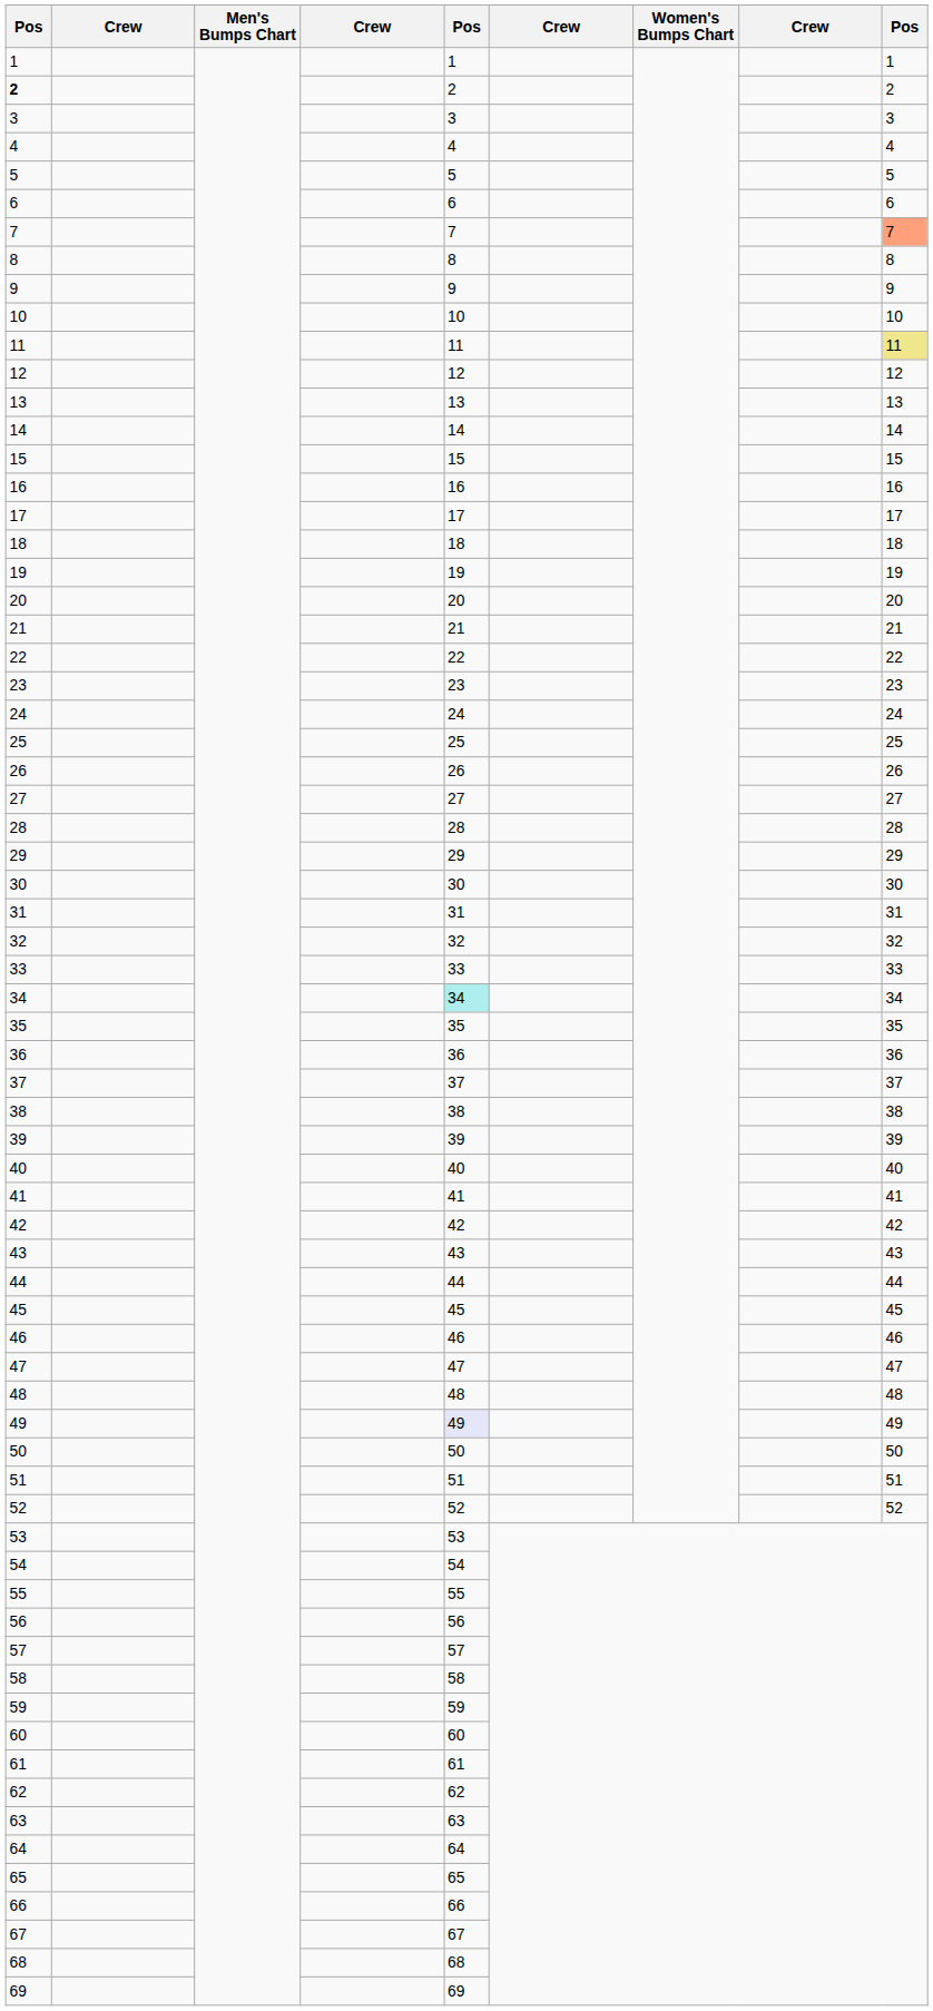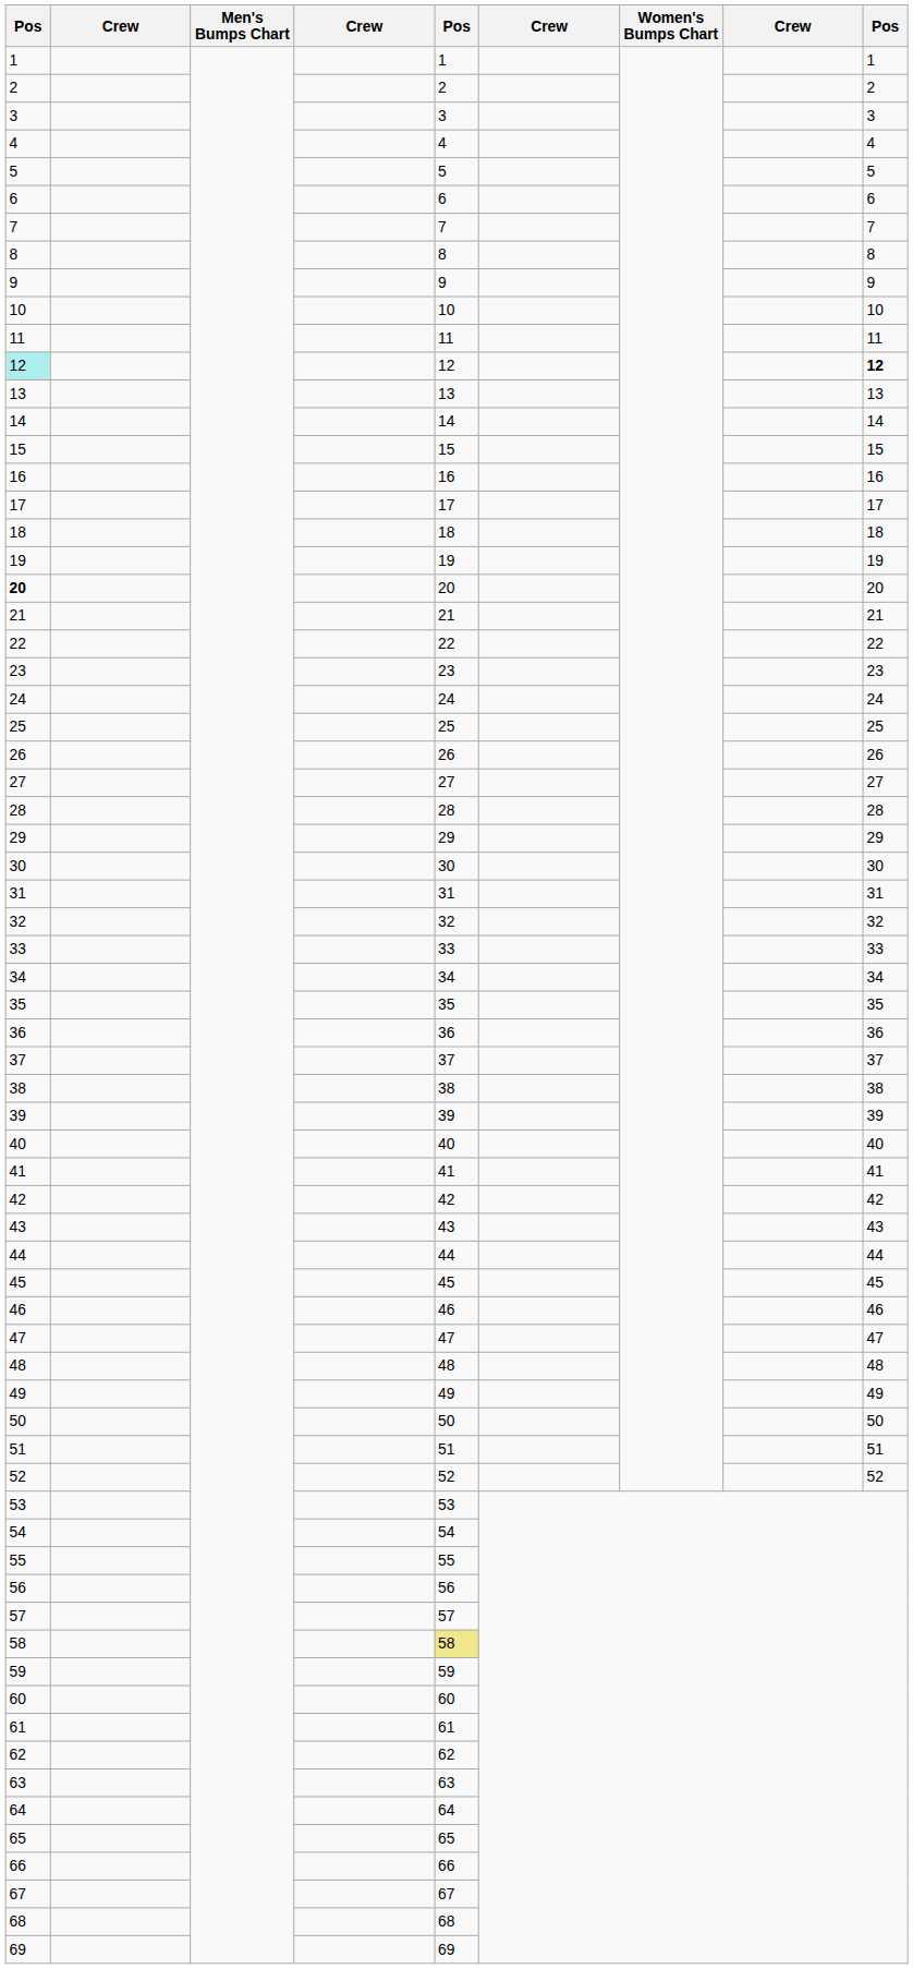 <table class="wikitable" style="font-size:88%; white-space:nowrap; margin:0.5em auto">
 <tr style="white-space:normal">
 <th width=35>Pos</th>
 <th width=125>Crew</th>
 <th width=90>Men's Bumps Chart</th>
 <th width=125>Crew</th>
 <th width=35>Pos</th>
 <th width=125>Crew</th>
 <th width=90>Women's Bumps Chart</th>
 <th width=125>Crew</th>
 <th width=35>Pos</th>
 </tr>
 <tr style="height:26px">
 <td>1</td>
 <td></td>
 <td rowspan="69"  style="padding:0"></td>
 <td></td>
 <td>1</td>
 <td></td>
 <td rowspan="52"  style="padding:0"></td>
 <td></td>
 <td>1</td>
 </tr>
 <tr style="height:26px">
-<td><strong>2</strong></td>
+<td>2</td>
 <td></td>
 <td></td>
 <td>2</td>
 <td></td>
 <td></td>
 <td>2</td>
 </tr>
 <tr style="height:26px">
 <td>3</td>
 <td></td>
 <td></td>
 <td>3</td>
 <td></td>
 <td></td>
 <td>3</td>
 </tr>
 <tr style="height:26px">
 <td>4</td>
 <td></td>
 <td></td>
 <td>4</td>
 <td></td>
 <td></td>
 <td>4</td>
 </tr>
 <tr style="height:26px">
 <td>5</td>
 <td></td>
 <td></td>
 <td>5</td>
 <td></td>
 <td></td>
 <td>5</td>
 </tr>
 <tr style="height:26px">
 <td>6</td>
 <td></td>
 <td></td>
 <td>6</td>
 <td></td>
 <td></td>
 <td>6</td>
 </tr>
 <tr style="height:26px">
 <td>7</td>
 <td></td>
 <td></td>
 <td>7</td>
 <td></td>
 <td></td>
-<td style="background: lightsalmon;">7</td>
+<td>7</td>
 </tr>
 <tr style="height:26px">
 <td>8</td>
 <td></td>
 <td></td>
 <td>8</td>
 <td></td>
 <td></td>
 <td>8</td>
 </tr>
 <tr style="height:26px">
 <td>9</td>
 <td></td>
 <td></td>
 <td>9</td>
 <td></td>
 <td></td>
 <td>9</td>
 </tr>
 <tr style="height:26px">
 <td>10</td>
 <td></td>
 <td></td>
 <td>10</td>
 <td></td>
 <td></td>
 <td>10</td>
 </tr>
 <tr style="height:26px">
 <td>11</td>
 <td></td>
 <td></td>
 <td>11</td>
 <td></td>
 <td></td>
-<td style="background: khaki;">11</td>
+<td>11</td>
 </tr>
 <tr style="height:26px">
-<td>12</td>
+<td style="background: paleturquoise;">12</td>
 <td></td>
 <td></td>
 <td>12</td>
 <td></td>
 <td></td>
-<td>12</td>
+<td><strong>12</strong></td>
 </tr>
 <tr style="height:26px">
 <td>13</td>
 <td></td>
 <td></td>
 <td>13</td>
 <td></td>
 <td></td>
 <td>13</td>
 </tr>
 <tr style="height:26px">
 <td>14</td>
 <td></td>
 <td></td>
 <td>14</td>
 <td></td>
 <td></td>
 <td>14</td>
 </tr>
 <tr style="height:26px">
 <td>15</td>
 <td></td>
 <td></td>
 <td>15</td>
 <td></td>
 <td></td>
 <td>15</td>
 </tr>
 <tr style="height:26px">
 <td>16</td>
 <td></td>
 <td></td>
 <td>16</td>
 <td></td>
 <td></td>
 <td>16</td>
 </tr>
 <tr style="height:26px">
 <td>17</td>
 <td></td>
 <td></td>
 <td>17</td>
 <td></td>
 <td></td>
 <td>17</td>
 </tr>
 <tr style="height:26px">
 <td>18</td>
 <td></td>
 <td></td>
 <td>18</td>
 <td></td>
 <td></td>
 <td>18</td>
 </tr>
 <tr style="height:26px">
 <td>19</td>
 <td></td>
 <td></td>
 <td>19</td>
 <td></td>
 <td></td>
 <td>19</td>
 </tr>
 <tr style="height:26px">
-<td>20</td>
+<td><strong>20</strong></td>
 <td></td>
 <td></td>
 <td>20</td>
 <td></td>
 <td></td>
 <td>20</td>
 </tr>
 <tr style="height:26px">
 <td>21</td>
 <td></td>
 <td></td>
 <td>21</td>
 <td></td>
 <td></td>
 <td>21</td>
 </tr>
 <tr style="height:26px">
 <td>22</td>
 <td></td>
 <td></td>
 <td>22</td>
 <td></td>
 <td></td>
 <td>22</td>
 </tr>
 <tr style="height:26px">
 <td>23</td>
 <td></td>
 <td></td>
 <td>23</td>
 <td></td>
 <td></td>
 <td>23</td>
 </tr>
 <tr style="height:26px">
 <td>24</td>
 <td></td>
 <td></td>
 <td>24</td>
 <td></td>
 <td></td>
 <td>24</td>
 </tr>
 <tr style="height:26px">
 <td>25</td>
 <td></td>
 <td></td>
 <td>25</td>
 <td></td>
 <td></td>
 <td>25</td>
 </tr>
 <tr style="height:26px">
 <td>26</td>
 <td></td>
 <td></td>
 <td>26</td>
 <td></td>
 <td></td>
 <td>26</td>
 </tr>
 <tr style="height:26px">
 <td>27</td>
 <td></td>
 <td></td>
 <td>27</td>
 <td></td>
 <td></td>
 <td>27</td>
 </tr>
 <tr style="height:26px">
 <td>28</td>
 <td></td>
 <td></td>
 <td>28</td>
 <td></td>
 <td></td>
 <td>28</td>
 </tr>
 <tr style="height:26px">
 <td>29</td>
 <td></td>
 <td></td>
 <td>29</td>
 <td></td>
 <td></td>
 <td>29</td>
 </tr>
 <tr style="height:26px">
 <td>30</td>
 <td></td>
 <td></td>
 <td>30</td>
 <td></td>
 <td></td>
 <td>30</td>
 </tr>
 <tr style="height:26px">
 <td>31</td>
 <td></td>
 <td></td>
 <td>31</td>
 <td></td>
 <td></td>
 <td>31</td>
 </tr>
 <tr style="height:26px">
 <td>32</td>
 <td></td>
 <td></td>
 <td>32</td>
 <td></td>
 <td></td>
 <td>32</td>
 </tr>
 <tr style="height:26px">
 <td>33</td>
 <td></td>
 <td></td>
 <td>33</td>
 <td></td>
 <td></td>
 <td>33</td>
 </tr>
 <tr style="height:26px">
 <td>34</td>
 <td></td>
 <td></td>
-<td style="background: paleturquoise;">34</td>
+<td>34</td>
 <td></td>
 <td></td>
 <td>34</td>
 </tr>
 <tr style="height:26px">
 <td>35</td>
 <td></td>
 <td></td>
 <td>35</td>
 <td></td>
 <td></td>
 <td>35</td>
 </tr>
 <tr style="height:26px">
 <td>36</td>
 <td></td>
 <td></td>
 <td>36</td>
 <td></td>
 <td></td>
 <td>36</td>
 </tr>
 <tr style="height:26px">
 <td>37</td>
 <td></td>
 <td></td>
 <td>37</td>
 <td></td>
 <td></td>
 <td>37</td>
 </tr>
 <tr style="height:26px">
 <td>38</td>
 <td></td>
 <td></td>
 <td>38</td>
 <td></td>
 <td></td>
 <td>38</td>
 </tr>
 <tr style="height:26px">
 <td>39</td>
 <td></td>
 <td></td>
 <td>39</td>
 <td></td>
 <td></td>
 <td>39</td>
 </tr>
 <tr style="height:26px">
 <td>40</td>
 <td></td>
 <td></td>
 <td>40</td>
 <td></td>
 <td></td>
 <td>40</td>
 </tr>
 <tr style="height:26px">
 <td>41</td>
 <td></td>
 <td></td>
 <td>41</td>
 <td></td>
 <td></td>
 <td>41</td>
 </tr>
 <tr style="height:26px">
 <td>42</td>
 <td></td>
 <td></td>
 <td>42</td>
 <td></td>
 <td></td>
 <td>42</td>
 </tr>
 <tr style="height:26px">
 <td>43</td>
 <td></td>
 <td></td>
 <td>43</td>
 <td></td>
 <td></td>
 <td>43</td>
 </tr>
 <tr style="height:26px">
 <td>44</td>
 <td></td>
 <td></td>
 <td>44</td>
 <td></td>
 <td></td>
 <td>44</td>
 </tr>
 <tr style="height:26px">
 <td>45</td>
 <td></td>
 <td></td>
 <td>45</td>
 <td></td>
 <td></td>
 <td>45</td>
 </tr>
 <tr style="height:26px">
 <td>46</td>
 <td></td>
 <td></td>
 <td>46</td>
 <td></td>
 <td></td>
 <td>46</td>
 </tr>
 <tr style="height:26px">
 <td>47</td>
 <td></td>
 <td></td>
 <td>47</td>
 <td></td>
 <td></td>
 <td>47</td>
 </tr>
 <tr style="height:26px">
 <td>48</td>
 <td></td>
 <td></td>
 <td>48</td>
 <td></td>
 <td></td>
 <td>48</td>
 </tr>
 <tr style="height:26px">
 <td>49</td>
 <td></td>
 <td></td>
-<td style="background: lavender;">49</td>
+<td>49</td>
 <td></td>
 <td></td>
 <td>49</td>
 </tr>
 <tr style="height:26px">
 <td>50</td>
 <td></td>
 <td></td>
 <td>50</td>
 <td></td>
 <td></td>
 <td>50</td>
 </tr>
 <tr style="height:26px">
 <td>51</td>
 <td></td>
 <td></td>
 <td>51</td>
 <td></td>
 <td></td>
 <td>51</td>
 </tr>
 <tr style="height:26px">
 <td>52</td>
 <td></td>
 <td></td>
 <td>52</td>
 <td></td>
 <td></td>
 <td>52</td>
 </tr>
 <tr style="height:26px">
 <td>53</td>
 <td></td>
 <td></td>
 <td>53</td>
 <td colspan="4" rowspan="17"> </td>
 </tr>
 <tr style="height:26px">
 <td>54</td>
 <td></td>
 <td></td>
 <td>54</td>
 </tr>
 <tr style="height:26px">
 <td>55</td>
 <td></td>
 <td></td>
 <td>55</td>
 </tr>
 <tr style="height:26px">
 <td>56</td>
 <td></td>
 <td></td>
 <td>56</td>
 </tr>
 <tr style="height:26px">
 <td>57</td>
 <td></td>
 <td></td>
 <td>57</td>
 </tr>
 <tr style="height:26px">
 <td>58</td>
 <td></td>
 <td></td>
-<td>58</td>
+<td style="background: khaki;">58</td>
 </tr>
 <tr style="height:26px">
 <td>59</td>
 <td></td>
 <td></td>
 <td>59</td>
 </tr>
 <tr style="height:26px">
 <td>60</td>
 <td></td>
 <td></td>
 <td>60</td>
 </tr>
 <tr style="height:26px">
 <td>61</td>
 <td></td>
 <td></td>
 <td>61</td>
 </tr>
 <tr style="height:26px">
 <td>62</td>
 <td></td>
 <td></td>
 <td>62</td>
 </tr>
 <tr style="height:26px">
 <td>63</td>
 <td></td>
 <td></td>
 <td>63</td>
 </tr>
 <tr style="height:26px">
 <td>64</td>
 <td></td>
 <td></td>
 <td>64</td>
 </tr>
 <tr style="height:26px">
 <td>65</td>
 <td></td>
 <td></td>
 <td>65</td>
 </tr>
 <tr style="height:26px">
 <td>66</td>
 <td></td>
 <td></td>
 <td>66</td>
 </tr>
 <tr style="height:26px">
 <td>67</td>
 <td></td>
 <td></td>
 <td>67</td>
 </tr>
 <tr style="height:26px">
 <td>68</td>
 <td></td>
 <td></td>
 <td>68</td>
 </tr>
 <tr style="height:26px">
 <td>69</td>
 <td></td>
 <td></td>
 <td>69</td>
 </tr>
 </table>
